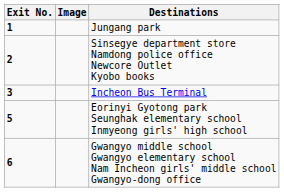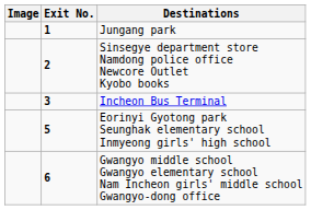 <table class="wikitable">
 <tr>
+<th>Image</th>
 <th>Exit No.</th>
-<th>Image</th>
 <th>Destinations</th>
 </tr>
 <tr>
+<td></td>
 <td><span><strong>1</strong></span></td>
-<td></td>
 <td>Jungang park</td>
 </tr>
 <tr>
+<td></td>
 <td><span><strong>2</strong></span></td>
-<td></td>
 <td>Sinsegye department store<br>Namdong police office<br>Newcore Outlet<br>Kyobo books</td>
 </tr>
 <tr>
+<td></td>
 <td><span><strong>3</strong></span></td>
-<td></td>
 <td><a href='#'>Incheon Bus Terminal</a></td>
 </tr>
 <tr>
+<td></td>
 <td><span><strong>5</strong></span></td>
-<td></td>
 <td>Eorinyi Gyotong park<br>Seunghak elementary school<br>Inmyeong girls' high school</td>
 </tr>
 <tr>
+<td></td>
 <td><span><strong>6</strong></span></td>
-<td></td>
 <td>Gwangyo middle school<br>Gwangyo elementary school<br>Nam Incheon girls' middle school<br>Gwangyo-dong office</td>
 </tr>
 </table>
